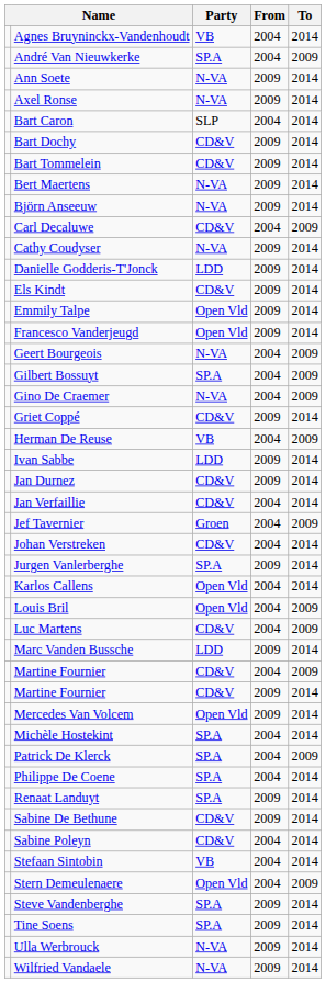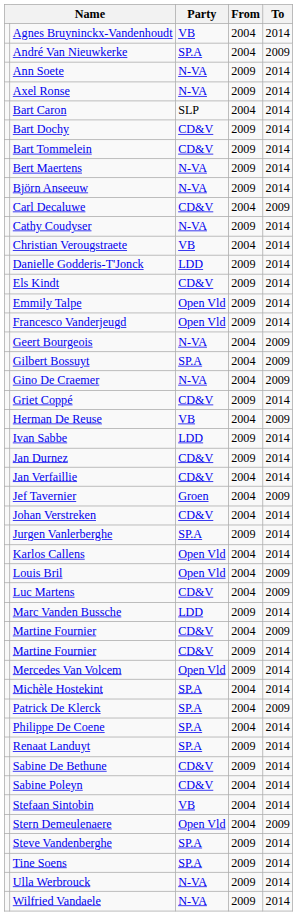 <table class="wikitable sortable">
 <tr>
 <th colspan=2>Name</th>
 <th>Party</th>
 <th>From</th>
 <th>To</th>
 </tr>
 <tr>
 <td style="background-color: "></td>
 <td><a href='#'>Agnes Bruyninckx-Vandenhoudt</a></td>
 <td><a href='#'>VB</a></td>
 <td>2004</td>
 <td>2014</td>
 </tr>
 <tr>
 <td style="background-color: "></td>
 <td><a href='#'>André Van Nieuwkerke</a></td>
 <td><a href='#'>SP.A</a></td>
 <td>2004</td>
 <td>2009</td>
 </tr>
 <tr>
 <td style="background-color: "></td>
 <td><a href='#'>Ann Soete</a></td>
 <td><a href='#'>N-VA</a></td>
 <td>2009</td>
 <td>2014</td>
 </tr>
 <tr>
 <td style="background-color: "></td>
 <td><a href='#'>Axel Ronse</a></td>
 <td><a href='#'>N-VA</a></td>
 <td>2009</td>
 <td>2014</td>
 </tr>
 <tr>
 <td style="background-color: "></td>
 <td><a href='#'>Bart Caron</a></td>
 <td>SLP</td>
 <td>2004</td>
 <td>2014</td>
 </tr>
 <tr>
 <td style="background-color: "></td>
 <td><a href='#'>Bart Dochy</a></td>
 <td><a href='#'>CD&V</a></td>
 <td>2009</td>
 <td>2014</td>
 </tr>
 <tr>
 <td style="background-color: "></td>
 <td><a href='#'>Bart Tommelein</a></td>
 <td><a href='#'>CD&V</a></td>
 <td>2009</td>
 <td>2014</td>
 </tr>
 <tr>
 <td style="background-color: "></td>
 <td><a href='#'>Bert Maertens</a></td>
 <td><a href='#'>N-VA</a></td>
 <td>2009</td>
 <td>2014</td>
 </tr>
 <tr>
 <td style="background-color: "></td>
 <td><a href='#'>Björn Anseeuw</a></td>
 <td><a href='#'>N-VA</a></td>
 <td>2009</td>
 <td>2014</td>
 </tr>
 <tr>
 <td style="background-color: "></td>
 <td><a href='#'>Carl Decaluwe</a></td>
 <td><a href='#'>CD&V</a></td>
 <td>2004</td>
 <td>2009</td>
 </tr>
 <tr>
 <td style="background-color: "></td>
 <td><a href='#'>Cathy Coudyser</a></td>
 <td><a href='#'>N-VA</a></td>
 <td>2009</td>
+<td>2014</td>
+</tr>
+<tr>
+<td style="background-color: "></td>
+<td><a href='#'>Christian Verougstraete</a></td>
+<td><a href='#'>VB</a></td>
+<td>2004</td>
 <td>2014</td>
 </tr>
 <tr>
 <td style="background-color: "></td>
 <td><a href='#'>Danielle Godderis-T'Jonck</a></td>
 <td><a href='#'>LDD</a></td>
 <td>2009</td>
 <td>2014</td>
 </tr>
 <tr>
 <td style="background-color: "></td>
 <td><a href='#'>Els Kindt</a></td>
 <td><a href='#'>CD&V</a></td>
 <td>2009</td>
 <td>2014</td>
 </tr>
 <tr>
 <td style="background-color: "></td>
 <td><a href='#'>Emmily Talpe</a></td>
 <td><a href='#'>Open Vld</a></td>
 <td>2009</td>
 <td>2014</td>
 </tr>
 <tr>
 <td style="background-color: "></td>
 <td><a href='#'>Francesco Vanderjeugd</a></td>
 <td><a href='#'>Open Vld</a></td>
 <td>2009</td>
 <td>2014</td>
 </tr>
 <tr>
 <td style="background-color: "></td>
 <td><a href='#'>Geert Bourgeois</a></td>
 <td><a href='#'>N-VA</a></td>
 <td>2004</td>
 <td>2009</td>
 </tr>
 <tr>
 <td style="background-color: "></td>
 <td><a href='#'>Gilbert Bossuyt</a></td>
 <td><a href='#'>SP.A</a></td>
 <td>2004</td>
 <td>2009</td>
 </tr>
 <tr>
 <td style="background-color: "></td>
 <td><a href='#'>Gino De Craemer</a></td>
 <td><a href='#'>N-VA</a></td>
 <td>2004</td>
 <td>2009</td>
 </tr>
 <tr>
 <td style="background-color: "></td>
 <td><a href='#'>Griet Coppé</a></td>
 <td><a href='#'>CD&V</a></td>
 <td>2009</td>
 <td>2014</td>
 </tr>
 <tr>
 <td style="background-color: "></td>
 <td><a href='#'>Herman De Reuse</a></td>
 <td><a href='#'>VB</a></td>
 <td>2004</td>
 <td>2009</td>
 </tr>
 <tr>
 <td style="background-color: "></td>
 <td><a href='#'>Ivan Sabbe</a></td>
 <td><a href='#'>LDD</a></td>
 <td>2009</td>
 <td>2014</td>
 </tr>
 <tr>
 <td style="background-color: "></td>
 <td><a href='#'>Jan Durnez</a></td>
 <td><a href='#'>CD&V</a></td>
 <td>2009</td>
 <td>2014</td>
 </tr>
 <tr>
 <td style="background-color: "></td>
 <td><a href='#'>Jan Verfaillie</a></td>
 <td><a href='#'>CD&V</a></td>
 <td>2004</td>
 <td>2014</td>
 </tr>
 <tr>
 <td style="background-color: "></td>
 <td><a href='#'>Jef Tavernier</a></td>
 <td><a href='#'>Groen</a></td>
 <td>2004</td>
 <td>2009</td>
 </tr>
 <tr>
 <td style="background-color: "></td>
 <td><a href='#'>Johan Verstreken</a></td>
 <td><a href='#'>CD&V</a></td>
 <td>2004</td>
 <td>2014</td>
 </tr>
 <tr>
 <td style="background-color: "></td>
 <td><a href='#'>Jurgen Vanlerberghe</a></td>
 <td><a href='#'>SP.A</a></td>
 <td>2009</td>
 <td>2014</td>
 </tr>
 <tr>
 <td style="background-color: "></td>
 <td><a href='#'>Karlos Callens</a></td>
 <td><a href='#'>Open Vld</a></td>
 <td>2004</td>
 <td>2014</td>
 </tr>
 <tr>
 <td style="background-color: "></td>
 <td><a href='#'>Louis Bril</a></td>
 <td><a href='#'>Open Vld</a></td>
 <td>2004</td>
 <td>2009</td>
 </tr>
 <tr>
 <td style="background-color: "></td>
 <td><a href='#'>Luc Martens</a></td>
 <td><a href='#'>CD&V</a></td>
 <td>2004</td>
 <td>2009</td>
 </tr>
 <tr>
 <td style="background-color: "></td>
 <td><a href='#'>Marc Vanden Bussche</a></td>
 <td><a href='#'>LDD</a></td>
 <td>2009</td>
 <td>2014</td>
 </tr>
 <tr>
 <td style="background-color: "></td>
 <td><a href='#'>Martine Fournier</a></td>
 <td><a href='#'>CD&V</a></td>
 <td>2004</td>
 <td>2009</td>
 </tr>
 <tr>
 <td style="background-color: "></td>
 <td><a href='#'>Martine Fournier</a></td>
 <td><a href='#'>CD&V</a></td>
 <td>2009</td>
 <td>2014</td>
 </tr>
 <tr>
 <td style="background-color: "></td>
 <td><a href='#'>Mercedes Van Volcem</a></td>
 <td><a href='#'>Open Vld</a></td>
 <td>2009</td>
 <td>2014</td>
 </tr>
 <tr>
 <td style="background-color: "></td>
 <td><a href='#'>Michèle Hostekint</a></td>
 <td><a href='#'>SP.A</a></td>
 <td>2004</td>
 <td>2014</td>
 </tr>
 <tr>
 <td style="background-color: "></td>
 <td><a href='#'>Patrick De Klerck</a></td>
 <td><a href='#'>SP.A</a></td>
 <td>2004</td>
 <td>2009</td>
 </tr>
 <tr>
 <td style="background-color: "></td>
 <td><a href='#'>Philippe De Coene</a></td>
 <td><a href='#'>SP.A</a></td>
 <td>2004</td>
 <td>2014</td>
 </tr>
 <tr>
 <td style="background-color: "></td>
 <td><a href='#'>Renaat Landuyt</a></td>
 <td><a href='#'>SP.A</a></td>
 <td>2009</td>
 <td>2014</td>
 </tr>
 <tr>
 <td style="background-color: "></td>
 <td><a href='#'>Sabine De Bethune</a></td>
 <td><a href='#'>CD&V</a></td>
 <td>2009</td>
 <td>2014</td>
 </tr>
 <tr>
 <td style="background-color: "></td>
 <td><a href='#'>Sabine Poleyn</a></td>
 <td><a href='#'>CD&V</a></td>
 <td>2004</td>
 <td>2014</td>
 </tr>
 <tr>
 <td style="background-color: "></td>
 <td><a href='#'>Stefaan Sintobin</a></td>
 <td><a href='#'>VB</a></td>
 <td>2004</td>
 <td>2014</td>
 </tr>
 <tr>
 <td style="background-color: "></td>
 <td><a href='#'>Stern Demeulenaere</a></td>
 <td><a href='#'>Open Vld</a></td>
 <td>2004</td>
 <td>2009</td>
 </tr>
 <tr>
 <td style="background-color: "></td>
 <td><a href='#'>Steve Vandenberghe</a></td>
 <td><a href='#'>SP.A</a></td>
 <td>2009</td>
 <td>2014</td>
 </tr>
 <tr>
 <td style="background-color: "></td>
 <td><a href='#'>Tine Soens</a></td>
 <td><a href='#'>SP.A</a></td>
 <td>2009</td>
 <td>2014</td>
 </tr>
 <tr>
 <td style="background-color: "></td>
 <td><a href='#'>Ulla Werbrouck</a></td>
 <td><a href='#'>N-VA</a></td>
 <td>2009</td>
 <td>2014</td>
 </tr>
 <tr>
 <td style="background-color: "></td>
 <td><a href='#'>Wilfried Vandaele</a></td>
 <td><a href='#'>N-VA</a></td>
 <td>2009</td>
 <td>2014</td>
 </tr>
 </table>
